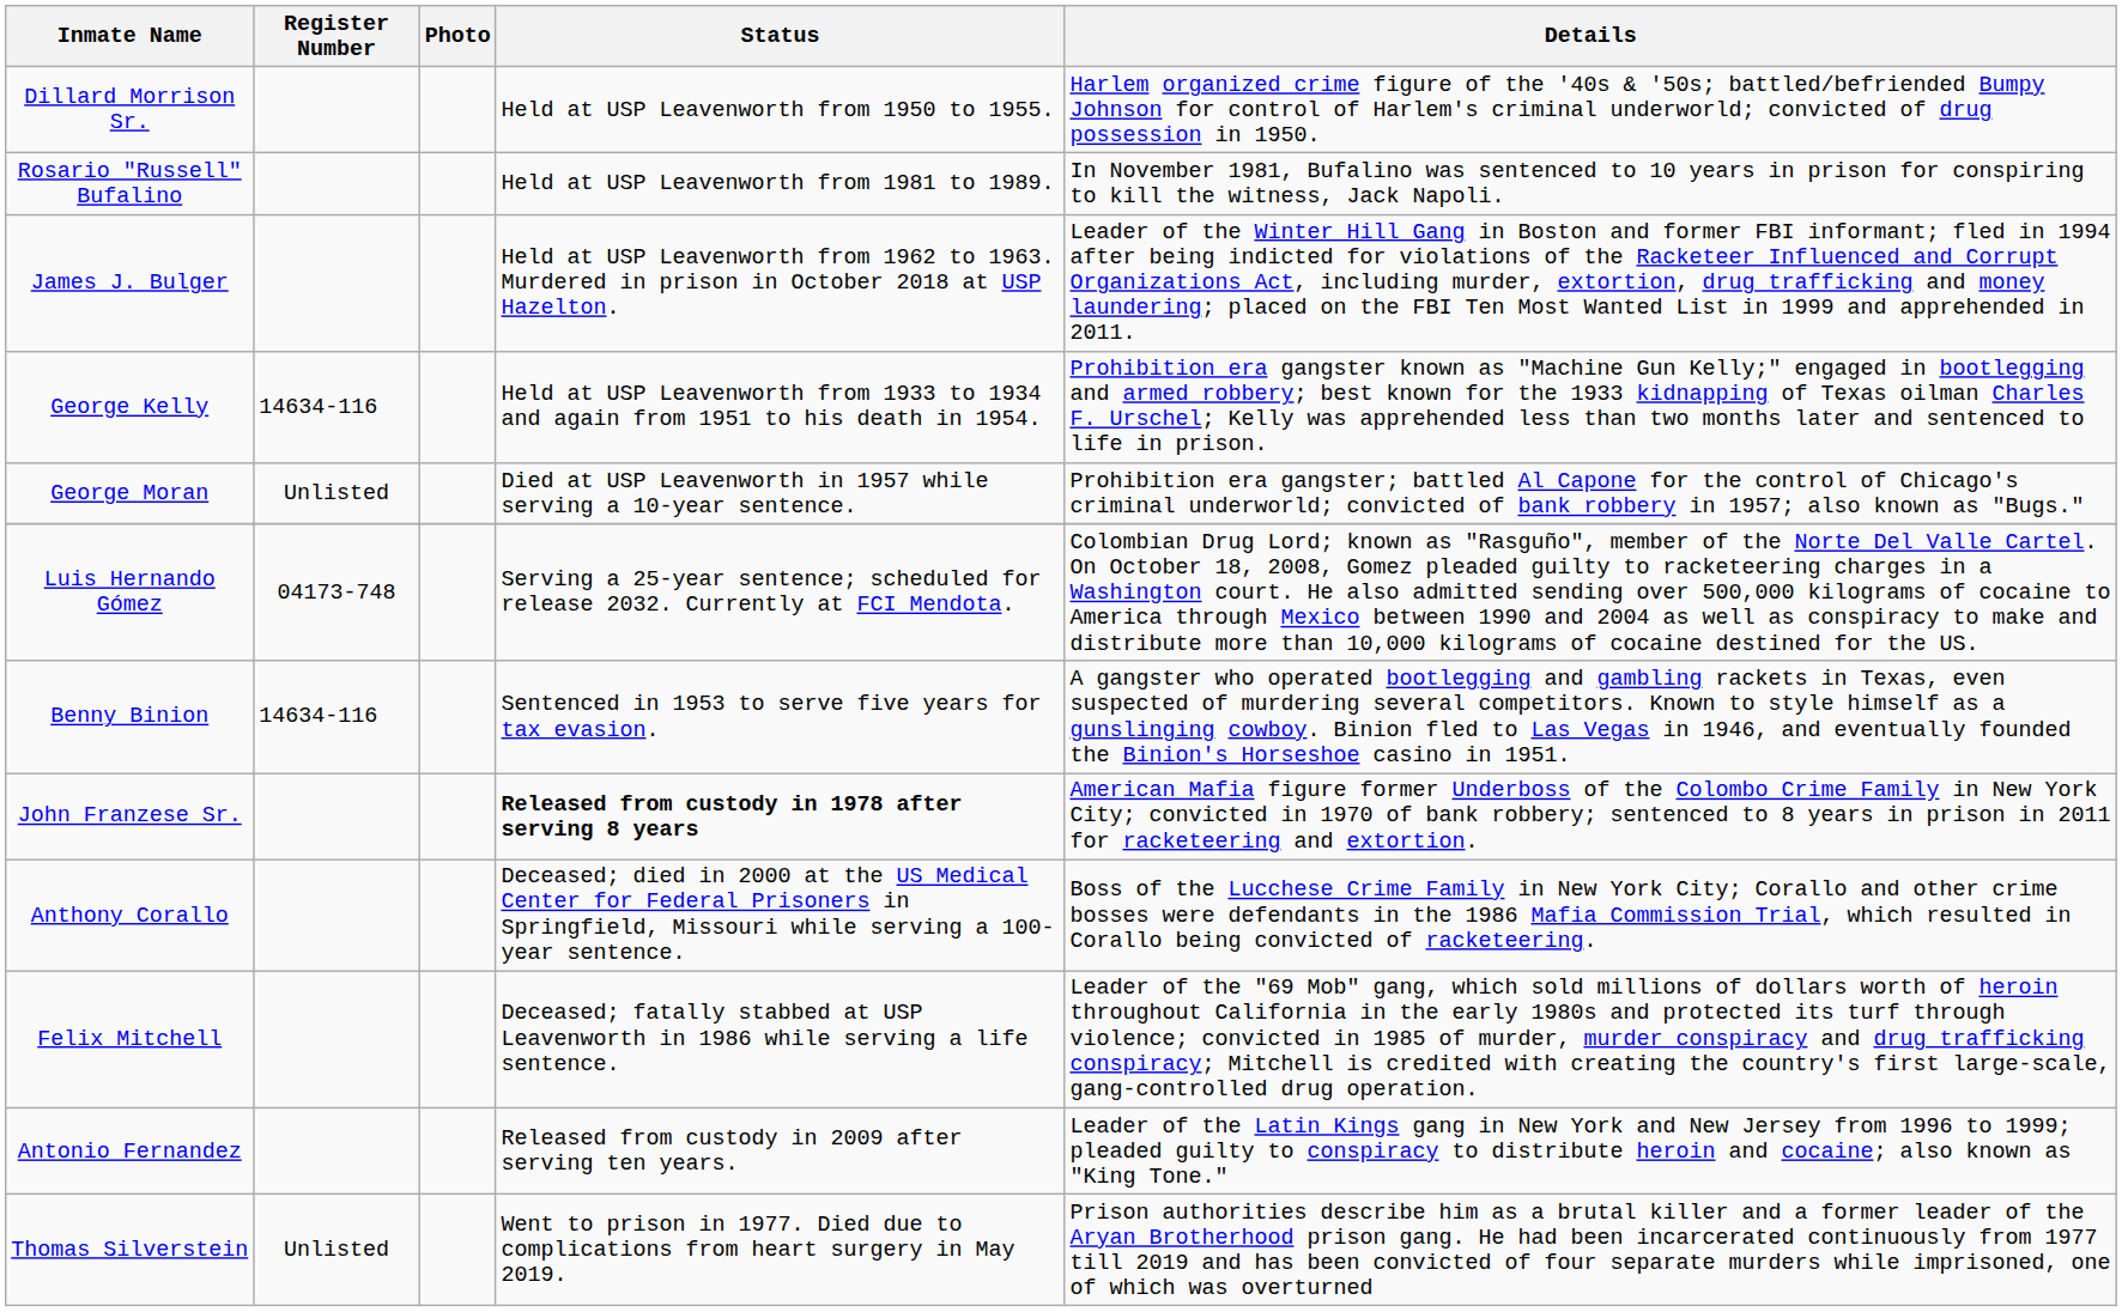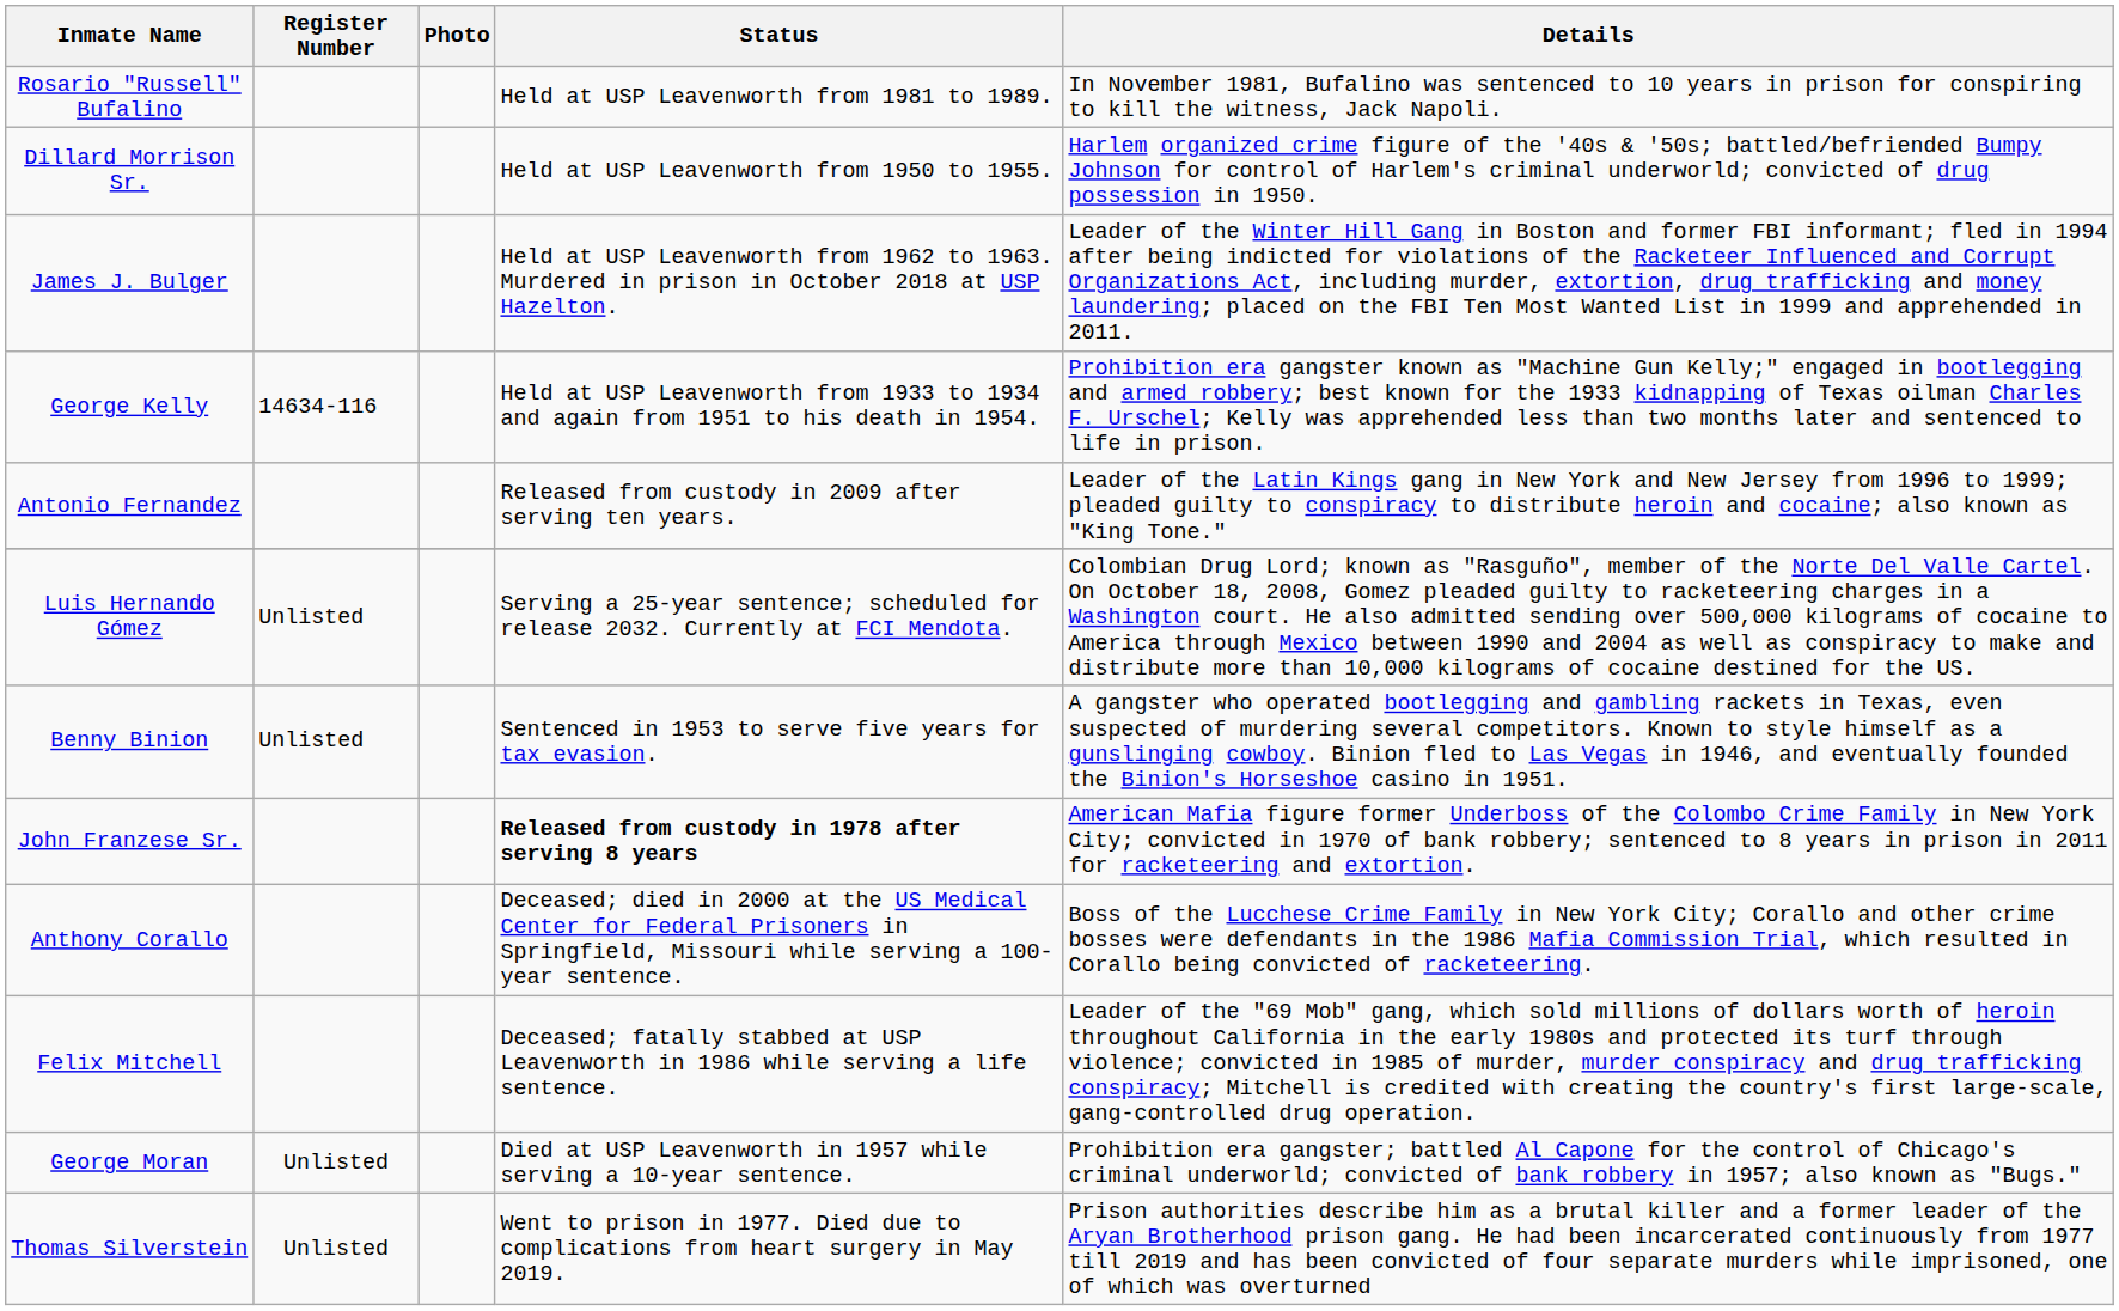 <table class="wikitable sortable">
 <tr>
 <th width=12%>Inmate Name</th>
 <th width=8%>Register Number</th>
 <th>Photo</th>
 <th width=28%>Status</th>
 <th width=52%>Details</th>
 </tr>
 <tr>
+<td style="text-align:center;"><a href='#'>Rosario "Russell" Bufalino</a></td>
+<td style="text-align:center;"></td>
+<td></td>
+<td>Held at USP Leavenworth from 1981 to 1989.</td>
+<td>In November 1981, Bufalino was sentenced to 10 years in prison for conspiring to kill the witness, Jack Napoli.</td>
+</tr>
+<tr>
 <td style="text-align:center;"><a href='#'>Dillard Morrison Sr.</a></td>
 <td style="text-align:center;"></td>
 <td></td>
 <td>Held at USP Leavenworth from 1950 to 1955.</td>
 <td><a href='#'>Harlem</a> <a href='#'>organized crime</a> figure of the '40s & '50s; battled/befriended <a href='#'>Bumpy Johnson</a> for control of Harlem's criminal underworld; convicted of <a href='#'>drug possession</a> in 1950.</td>
-</tr>
-<tr>
-<td style="text-align:center;"><a href='#'>Rosario "Russell" Bufalino</a></td>
-<td style="text-align:center;"></td>
-<td></td>
-<td>Held at USP Leavenworth from 1981 to 1989.</td>
-<td>In November 1981, Bufalino was sentenced to 10 years in prison for conspiring to kill the witness, Jack Napoli.</td>
 </tr>
 <tr>
 <td style="text-align:center;"><a href='#'>James J. Bulger</a></td>
 <td style="text-align:center;"></td>
 <td></td>
 <td>Held at USP Leavenworth from 1962 to 1963. Murdered in prison in October 2018 at <a href='#'>USP Hazelton</a>.</td>
 <td>Leader of the <a href='#'>Winter Hill Gang</a> in Boston and former FBI informant; fled in 1994 after being indicted for violations of the <a href='#'>Racketeer Influenced and Corrupt Organizations Act</a>, including murder, <a href='#'>extortion</a>, <a href='#'>drug trafficking</a> and <a href='#'>money laundering</a>; placed on the FBI Ten Most Wanted List in 1999 and apprehended in 2011.</td>
 </tr>
 <tr>
 <td style="text-align:center;"><a href='#'>George Kelly</a></td>
 <td style="test-align:center;">14634-116</td>
 <td></td>
 <td>Held at USP Leavenworth from 1933 to 1934 and again from 1951 to his death in 1954.</td>
 <td><a href='#'>Prohibition era</a> gangster known as "Machine Gun Kelly;" engaged in <a href='#'>bootlegging</a> and <a href='#'>armed robbery</a>; best known for the 1933 <a href='#'>kidnapping</a> of Texas oilman <a href='#'>Charles F. Urschel</a>; Kelly was apprehended less than two months later and sentenced to life in prison.</td>
 </tr>
 <tr>
-<td style="text-align:center;"><a href='#'>George Moran</a></td>
-<td style="text-align:center;">Unlisted</td>
+<td style="text-align:center;"><a href='#'>Antonio Fernandez</a></td>
+<td style="text-align:center;"></td>
 <td></td>
-<td>Died at USP Leavenworth in 1957 while serving a 10-year sentence.</td>
-<td>Prohibition era gangster; battled <a href='#'>Al Capone</a> for the control of Chicago's criminal underworld; convicted of <a href='#'>bank robbery</a> in 1957; also known as "Bugs."</td>
+<td>Released from custody in 2009 after serving ten years.</td>
+<td>Leader of the <a href='#'>Latin Kings</a> gang in New York and New Jersey from 1996 to 1999; pleaded guilty to <a href='#'>conspiracy</a> to distribute <a href='#'>heroin</a> and <a href='#'>cocaine</a>; also known as "King Tone."</td>
 </tr>
 <tr>
 </tr>
 <tr>
 <td style="text-align:center;"><a href='#'>Luis Hernando Gómez</a></td>
-<td style="text-align:center;">04173-748</td>
+<td>Unlisted</td>
 <td></td>
 <td>Serving a 25-year sentence; scheduled for release 2032. Currently at <a href='#'>FCI Mendota</a>.</td>
 <td>Colombian Drug Lord; known as "Rasguño", member of the <a href='#'>Norte Del Valle Cartel</a>. On October 18, 2008, Gomez pleaded guilty to racketeering charges in a <a href='#'>Washington</a> court. He also admitted sending over 500,000 kilograms of cocaine to America through <a href='#'>Mexico</a> between 1990 and 2004 as well as conspiracy to make and distribute more than 10,000 kilograms of cocaine destined for the US.</td>
 </tr>
 <tr>
 <td style="text-align:center;"><a href='#'>Benny Binion</a></td>
-<td style="test-align:center;">14634-116</td>
+<td>Unlisted</td>
 <td></td>
 <td>Sentenced in 1953 to serve five years for <a href='#'>tax evasion</a>.</td>
 <td>A gangster who operated <a href='#'>bootlegging</a> and <a href='#'>gambling</a> rackets in Texas, even suspected of murdering several competitors. Known to style himself as a <a href='#'>gunslinging</a> <a href='#'>cowboy</a>. Binion fled to <a href='#'>Las Vegas</a> in 1946, and eventually founded the <a href='#'>Binion's Horseshoe</a> casino in 1951. </td>
 </tr>
 <tr>
 <td style="text-align:center;"><a href='#'>John Franzese Sr.</a></td>
 <td style="text-align:center;"></td>
 <td></td>
 <td><strong>Released from custody in 1978 after serving 8 years</strong></td>
 <td><a href='#'>American Mafia</a> figure former <a href='#'>Underboss</a> of the <a href='#'>Colombo Crime Family</a> in New York City; convicted in 1970 of bank robbery; sentenced to 8 years in prison in 2011 for <a href='#'>racketeering</a> and <a href='#'>extortion</a>.</td>
 </tr>
 <tr>
 <td style="text-align:center;"><a href='#'>Anthony Corallo</a></td>
 <td style="text-align:center;"></td>
 <td></td>
 <td>Deceased; died in 2000 at the <a href='#'>US Medical Center for Federal Prisoners</a> in Springfield, Missouri while serving a 100-year sentence.</td>
 <td>Boss of the <a href='#'>Lucchese Crime Family</a> in New York City; Corallo and other crime bosses were defendants in the 1986 <a href='#'>Mafia Commission Trial</a>, which resulted in Corallo being convicted of <a href='#'>racketeering</a>.</td>
 </tr>
 <tr>
 <td style="text-align:center;"><a href='#'>Felix Mitchell</a></td>
 <td style="text-align:center;"></td>
 <td></td>
 <td>Deceased; fatally stabbed at USP Leavenworth in 1986 while serving a life sentence.</td>
 <td>Leader of the "69 Mob" gang, which sold millions of dollars worth of <a href='#'>heroin</a> throughout California in the early 1980s and protected its turf through violence; convicted in 1985 of murder, <a href='#'>murder conspiracy</a> and <a href='#'>drug trafficking</a> <a href='#'>conspiracy</a>; Mitchell is credited with creating the country's first large-scale, gang-controlled drug operation.</td>
 </tr>
 <tr>
-<td style="text-align:center;"><a href='#'>Antonio Fernandez</a></td>
-<td style="text-align:center;"></td>
+<td style="text-align:center;"><a href='#'>George Moran</a></td>
+<td style="text-align:center;">Unlisted</td>
 <td></td>
-<td>Released from custody in 2009 after serving ten years.</td>
-<td>Leader of the <a href='#'>Latin Kings</a> gang in New York and New Jersey from 1996 to 1999; pleaded guilty to <a href='#'>conspiracy</a> to distribute <a href='#'>heroin</a> and <a href='#'>cocaine</a>; also known as "King Tone."</td>
+<td>Died at USP Leavenworth in 1957 while serving a 10-year sentence.</td>
+<td>Prohibition era gangster; battled <a href='#'>Al Capone</a> for the control of Chicago's criminal underworld; convicted of <a href='#'>bank robbery</a> in 1957; also known as "Bugs."</td>
 </tr>
 <tr>
 <td style="text-align:center;"><a href='#'>Thomas Silverstein</a></td>
 <td style="text-align:center;">Unlisted</td>
 <td></td>
 <td>Went to prison in 1977. Died due to complications from heart surgery in May 2019.</td>
 <td>Prison authorities describe him as a brutal killer and a former leader of the <a href='#'>Aryan Brotherhood</a> prison gang.  He had been incarcerated continuously from 1977 till 2019 and has been convicted of four separate murders while imprisoned, one of which was overturned</td>
 </tr>
 </table>
